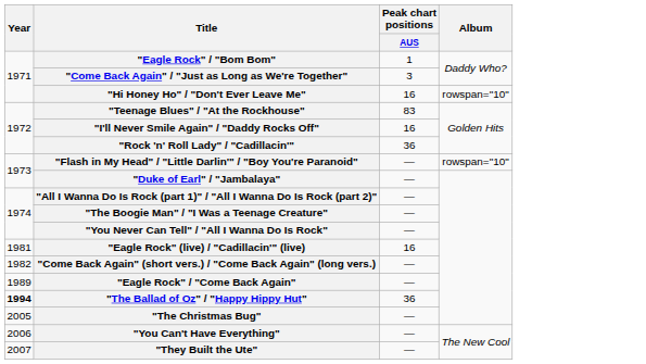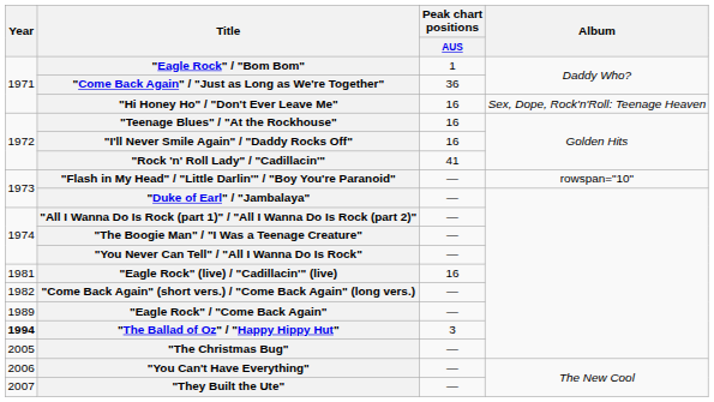 <table class="wikitable plainrowheaders" style="text-align:center;" border="1">
 <tr>
 <th scope="col" rowspan="2">Year</th>
 <th scope="col" rowspan="2">Title</th>
 <th scope="col" colspan="1">Peak chart<br>positions</th>
 <th scope="col" rowspan="2">Album</th>
 </tr>
 <tr>
 <th scope="col" style="text-align:center;"><small><a href='#'>AUS</a><br></small></th>
 </tr>
 <tr>
 <td rowspan="3">1971</td>
 <th scope="row">"<a href='#'>Eagle Rock</a>" / "Bom Bom"</th>
 <td>1</td>
 <td rowspan="2"><em>Daddy Who?</em></td>
 </tr>
 <tr>
 <th scope="row">"<a href='#'>Come Back Again</a>" / "Just as Long as We're Together"</th>
-<td>3</td>
+<td>36</td>
 </tr>
 <tr>
 <th scope="row">"Hi Honey Ho" / "Don't Ever Leave Me"</th>
 <td>16</td>
-<td>rowspan="10" </td>
+<td><em>Sex, Dope, Rock'n'Roll: Teenage Heaven</em></td>
 </tr>
 <tr>
 <td rowspan="3">1972</td>
 <th scope="row">"Teenage Blues" / "At the Rockhouse"</th>
-<td>83</td>
+<td>16</td>
 <td rowspan="3"><em>Golden Hits</em></td>
 </tr>
 <tr>
 <th scope="row">"I'll Never Smile Again" / "Daddy Rocks Off"</th>
 <td>16</td>
 </tr>
 <tr>
 <th scope="row">"Rock 'n' Roll Lady" / "Cadillacin'"</th>
-<td>36</td>
+<td>41</td>
 </tr>
 <tr>
 <td rowspan="2">1973</td>
 <th scope="row">"Flash in My Head" / "Little Darlin'" / "Boy You're Paranoid"</th>
 <td>—</td>
 <td>rowspan="10" </td>
 </tr>
 <tr>
 <th scope="row">"<a href='#'>Duke of Earl</a>" / "Jambalaya"</th>
 <td>—</td>
 </tr>
 <tr>
 <td rowspan="3">1974</td>
 <th scope="row">"All I Wanna Do Is Rock (part 1)" / "All I Wanna Do Is Rock (part 2)"</th>
 <td>—</td>
 </tr>
 <tr>
 <th scope="row">"The Boogie Man" / "I Was a Teenage Creature"</th>
 <td>—</td>
 </tr>
 <tr>
 <th scope="row">"You Never Can Tell" / "All I Wanna Do Is Rock"</th>
 <td>—</td>
 </tr>
 <tr>
 <td>1981</td>
 <th scope="row">"Eagle Rock" (live) / "Cadillacin'" (live)</th>
 <td>16</td>
 </tr>
 <tr>
 <td>1982</td>
 <th scope="row">"Come Back Again" (short vers.) / "Come Back Again" (long vers.)</th>
 <td>—</td>
 </tr>
 <tr>
 <td>1989</td>
 <th scope="row">"Eagle Rock" / "Come Back Again"</th>
 <td>—</td>
 </tr>
 <tr>
 <td><strong>1994</strong></td>
 <th scope="row">"<a href='#'>The Ballad of Oz</a>" / "<a href='#'>Happy Hippy Hut</a>" </th>
-<td>36</td>
+<td>3</td>
 </tr>
 <tr>
 <td>2005</td>
 <th scope="row">"The Christmas Bug"</th>
 <td>—</td>
 </tr>
 <tr>
 <td>2006</td>
 <th scope="row">"You Can't Have Everything"</th>
 <td>—</td>
 <td rowspan="2"><em>The New Cool</em></td>
 </tr>
 <tr>
 <td>2007</td>
 <th scope="row">"They Built the Ute"</th>
 <td>—</td>
 </tr>
 </table>
